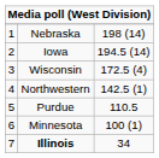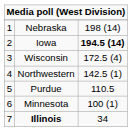 <table class="wikitable" style="display: inline-table;">
 <tr>
 <td align="center" Colspan="3"><strong>Media poll (West Division)</strong></td>
 </tr>
 <tr align="center">
 </tr>
 <tr align="center">
 <td>1</td>
 <td>Nebraska</td>
 <td>198 (14)</td>
 </tr>
 <tr align="center">
 <td>2</td>
 <td>Iowa</td>
-<td>194.5 (14)</td>
+<td><strong>194.5 (14)</strong></td>
 </tr>
 <tr align="center">
 <td>3</td>
 <td>Wisconsin</td>
 <td>172.5 (4)</td>
 </tr>
 <tr align="center">
 <td>4</td>
 <td>Northwestern</td>
 <td>142.5 (1)</td>
 </tr>
 <tr align="center">
 <td>5</td>
 <td>Purdue</td>
 <td>110.5</td>
 </tr>
 <tr align="center">
 <td>6</td>
 <td>Minnesota</td>
 <td>100 (1)</td>
 </tr>
 <tr align="center">
 <td>7</td>
 <td><strong>Illinois</strong></td>
 <td>34</td>
 </tr>
 </table>
